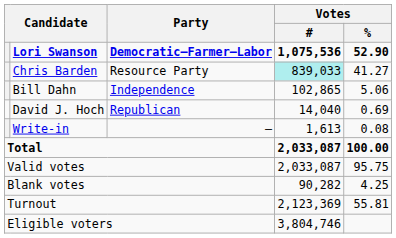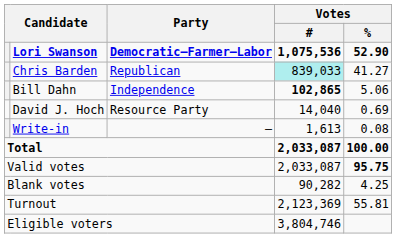 <table class="wikitable">
 <tr>
 <th rowspan="2" colspan="2">Candidate</th>
 <th rowspan="2">Party</th>
 <th colspan="2">Votes</th>
 </tr>
 <tr>
 <th>#</th>
 <th>%</th>
 </tr>
 <tr>
 <th style="background-color:"></th>
 <td><strong><a href='#'>Lori Swanson</a></strong></td>
 <td><strong><a href='#'>Democratic–Farmer–Labor</a></strong></td>
 <td align="right"><strong>1,075,536</strong></td>
 <td align="right"><strong>52.90</strong></td>
 </tr>
 <tr>
 <th style="background-color:"></th>
 <td><a href='#'>Chris Barden</a></td>
-<td>Resource Party</td>
+<td><a href='#'>Republican</a></td>
 <td align="right" style="background: paleturquoise;">839,033</td>
 <td align="right">41.27</td>
 </tr>
 <tr>
 <th style="background-color:"></th>
 <td>Bill Dahn</td>
 <td><a href='#'>Independence</a></td>
-<td align="right">102,865</td>
+<td align="right"><strong>102,865</strong></td>
 <td align="right">5.06</td>
 </tr>
 <tr>
 <td></td>
 <td>David J. Hoch</td>
-<td><a href='#'>Republican</a></td>
+<td>Resource Party</td>
 <td align="right">14,040</td>
 <td align="right">0.69</td>
 </tr>
 <tr>
 <th style="background-color:"></th>
 <td><a href='#'>Write-in</a></td>
 <td align="right">—</td>
 <td align="right">1,613</td>
 <td align="right">0.08</td>
 </tr>
 <tr>
 <td colspan="3" align="left"><strong>Total</strong></td>
 <td align="right"><strong>2,033,087</strong></td>
 <td align="right"><strong>100.00</strong></td>
 </tr>
 <tr>
 <td colspan="3" align="left">Valid votes</td>
 <td align="right">2,033,087</td>
-<td align="right">95.75</td>
+<td align="right"><strong>95.75</strong></td>
 </tr>
 <tr>
 <td colspan="3" align="left">Blank votes</td>
 <td align="right">90,282</td>
 <td align="right">4.25</td>
 </tr>
 <tr>
 <td colspan="3" align="left">Turnout</td>
 <td align="right">2,123,369</td>
 <td align="right">55.81</td>
 </tr>
 <tr>
 <td colspan="3" align="left">Eligible voters</td>
 <td align="right">3,804,746</td>
 <td align="right"></td>
 </tr>
 </table>
